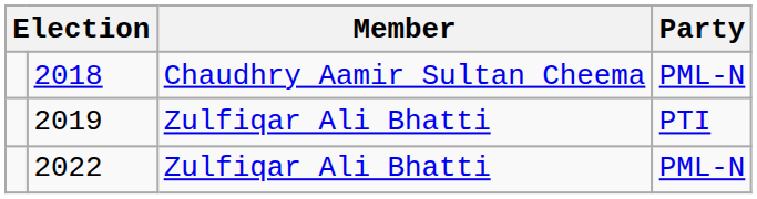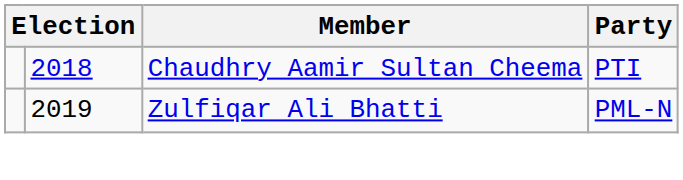 <table class="wikitable">
 <tr>
 <th colspan="2">Election</th>
 <th>Member</th>
 <th>Party</th>
 </tr>
 <tr>
 <td style="background-color: "></td>
 <td><a href='#'>2018</a></td>
 <td><a href='#'>Chaudhry Aamir Sultan Cheema</a></td>
-<td><a href='#'>PML-N</a></td>
+<td><a href='#'>PTI</a></td>
 </tr>
 <tr>
 <td style="background-color: "></td>
 <td>2019</td>
 <td><a href='#'>Zulfiqar Ali Bhatti</a></td>
-<td><a href='#'>PTI</a></td>
-</tr>
-<tr>
-<td style="background-color: "></td>
-<td>2022</td>
-<td><a href='#'>Zulfiqar Ali Bhatti</a></td>
 <td><a href='#'>PML-N</a></td>
 </tr>
 </table>
